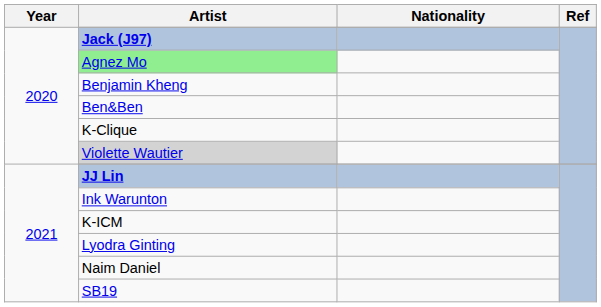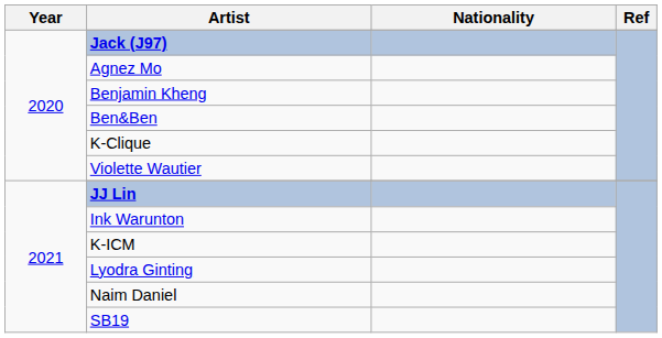 <table class="wikitable sortable plainrowheaders" style="font-size:95%; width:100%;">
 <tr style="background:#bebebe;">
 <th style="width:10%;">Year</th>
 <th style="width:35%;">Artist</th>
 <th style="width:30%;">Nationality</th>
 <th style="width:5%;">Ref</th>
 </tr>
 <tr>
 <td rowspan="7" align="center"><a href='#'>2020</a></td>
 </tr>
 <tr style="background:#B0C4DE">
 <td><strong><a href='#'>Jack (J97)</a></strong></td>
 <td><strong></strong></td>
 <td rowspan="6" align="center"></td>
 </tr>
 <tr>
-<td style="background: lightgreen;"><a href='#'>Agnez Mo</a></td>
+<td><a href='#'>Agnez Mo</a></td>
 <td></td>
 </tr>
 <tr>
 <td><a href='#'>Benjamin Kheng</a></td>
 <td></td>
 </tr>
 <tr>
 <td><a href='#'>Ben&Ben</a></td>
 <td></td>
 </tr>
 <tr>
 <td>K-Clique</td>
 <td></td>
 </tr>
 <tr>
-<td style="background: lightgrey;"><a href='#'>Violette Wautier</a></td>
+<td><a href='#'>Violette Wautier</a></td>
 <td></td>
 </tr>
 <tr>
 <td rowspan="7" align="center"><a href='#'>2021</a></td>
 </tr>
 <tr style="background:#B0C4DE">
 <td><strong><a href='#'>JJ Lin</a></strong></td>
 <td><strong></strong></td>
 <td rowspan="7" align="center"></td>
 </tr>
 <tr>
 <td><a href='#'>Ink Warunton</a></td>
 <td></td>
 </tr>
 <tr>
 <td>K-ICM</td>
 <td></td>
 </tr>
 <tr>
 <td><a href='#'>Lyodra Ginting</a></td>
 <td></td>
 </tr>
 <tr>
 <td>Naim Daniel</td>
 <td></td>
 </tr>
 <tr>
 <td><a href='#'>SB19</a></td>
 <td></td>
 </tr>
 </table>
